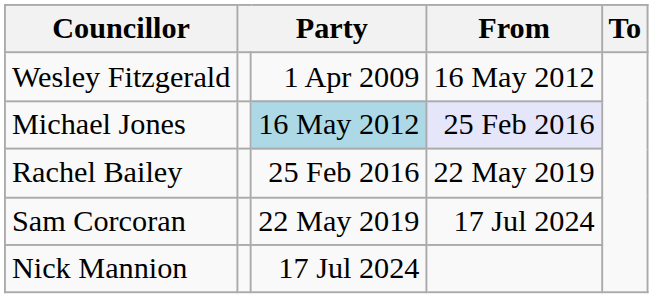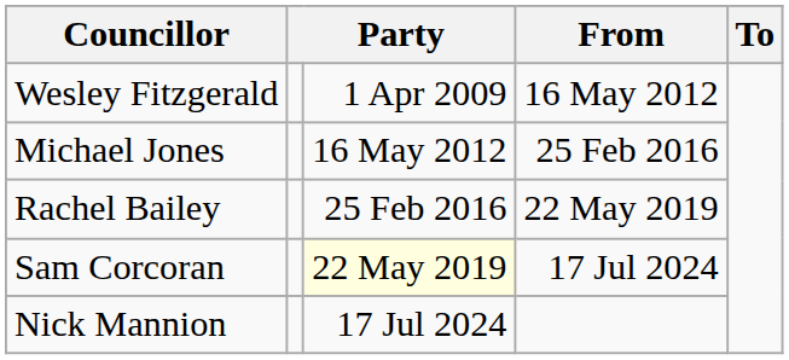 <table class=wikitable>
 <tr>
 <th>Councillor</th>
 <th colspan=2>Party</th>
 <th>From</th>
 <th>To</th>
 </tr>
 <tr>
 <td>Wesley Fitzgerald</td>
 <td></td>
 <td align=right>1 Apr 2009</td>
 <td align=right>16 May 2012</td>
 </tr>
 <tr>
 <td>Michael Jones</td>
 <td></td>
-<td align=right style="background: lightblue;">16 May 2012</td>
-<td align=right style="background: lavender;">25 Feb 2016</td>
+<td align=right>16 May 2012</td>
+<td align=right>25 Feb 2016</td>
 </tr>
 <tr>
 <td>Rachel Bailey</td>
 <td></td>
 <td align=right>25 Feb 2016</td>
 <td align=right>22 May 2019</td>
 </tr>
 <tr>
 <td>Sam Corcoran</td>
 <td></td>
-<td align=right>22 May 2019</td>
+<td align=right style="background: lightyellow;">22 May 2019</td>
 <td align=right>17 Jul 2024</td>
 </tr>
 <tr>
 <td>Nick Mannion</td>
 <td></td>
 <td align=right>17 Jul 2024</td>
 <td align=right></td>
 </tr>
 </table>
